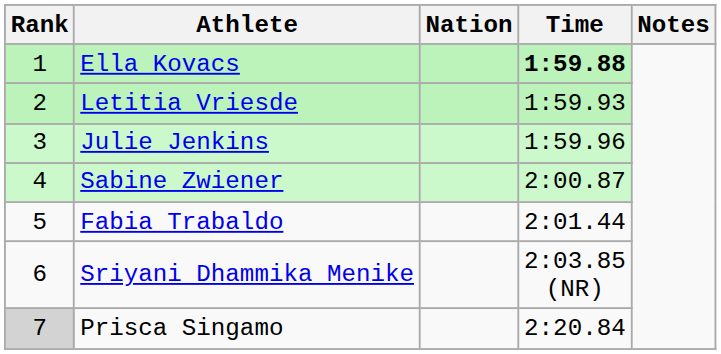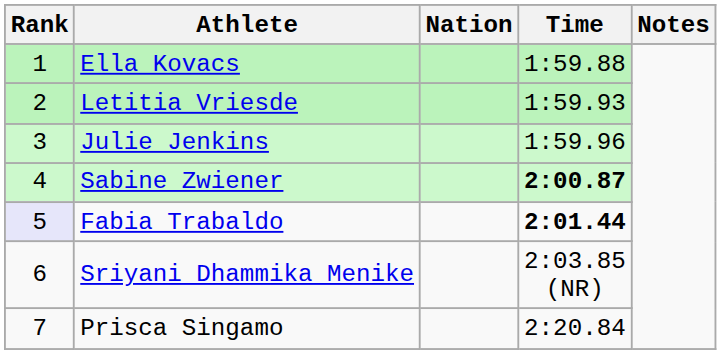 <table class="wikitable sortable" style="text-align:center">
 <tr>
 <th>Rank</th>
 <th>Athlete</th>
 <th>Nation</th>
 <th>Time</th>
 <th>Notes</th>
 </tr>
 <tr style="background:#bbf3bb;">
 <td>1</td>
 <td align=left><a href='#'>Ella Kovacs</a></td>
 <td align=left></td>
-<td><strong>1:59.88</strong></td>
+<td>1:59.88</td>
 </tr>
 <tr style="background:#bbf3bb;">
 <td>2</td>
 <td align=left><a href='#'>Letitia Vriesde</a></td>
 <td align=left></td>
 <td>1:59.93</td>
 </tr>
 <tr style="background:#ccf9cc;">
 <td>3</td>
 <td align=left><a href='#'>Julie Jenkins</a></td>
 <td align=left></td>
 <td>1:59.96</td>
 </tr>
 <tr style="background:#ccf9cc;">
 <td>4</td>
 <td align=left><a href='#'>Sabine Zwiener</a></td>
 <td align=left></td>
-<td>2:00.87</td>
+<td><strong>2:00.87</strong></td>
 </tr>
 <tr>
-<td>5</td>
+<td style="background: lavender;">5</td>
 <td align=left><a href='#'>Fabia Trabaldo</a></td>
 <td align=left></td>
-<td>2:01.44</td>
+<td><strong>2:01.44</strong></td>
 </tr>
 <tr>
 <td>6</td>
 <td align=left><a href='#'>Sriyani Dhammika Menike</a></td>
 <td align=left></td>
 <td>2:03.85<br>(NR)</td>
 </tr>
 <tr>
-<td style="background: lightgrey;">7</td>
+<td>7</td>
 <td align=left>Prisca Singamo</td>
 <td align=left></td>
 <td>2:20.84</td>
 </tr>
 </table>
